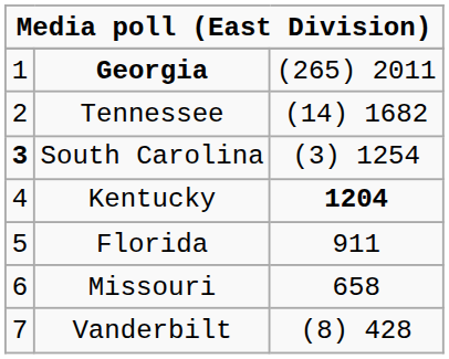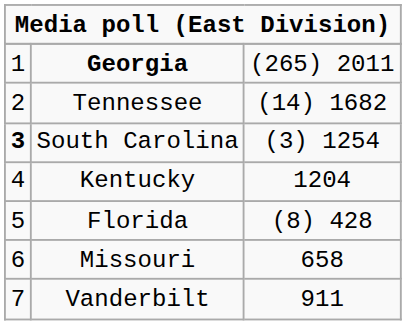 <table class="wikitable" style="display: inline-table;">
 <tr>
 <td align="center" Colspan="3"><strong>Media poll (East Division)</strong></td>
 </tr>
 <tr align="center">
 </tr>
 <tr align="center">
 <td>1</td>
 <td><strong>Georgia</strong></td>
 <td>(265) 2011</td>
 </tr>
 <tr align="center">
 <td>2</td>
 <td>Tennessee</td>
 <td>(14) 1682</td>
 </tr>
 <tr align="center">
 <td><strong>3</strong></td>
 <td>South Carolina</td>
 <td>(3) 1254</td>
 </tr>
 <tr align="center">
 <td>4</td>
 <td>Kentucky</td>
-<td><strong>1204</strong></td>
+<td>1204</td>
 </tr>
 <tr align="center">
 <td>5</td>
 <td>Florida</td>
-<td>911</td>
+<td>(8) 428</td>
 </tr>
 <tr align="center">
 <td>6</td>
 <td>Missouri</td>
 <td>658</td>
 </tr>
 <tr align="center">
 <td>7</td>
 <td>Vanderbilt</td>
-<td>(8) 428</td>
+<td>911</td>
 </tr>
 </table>
